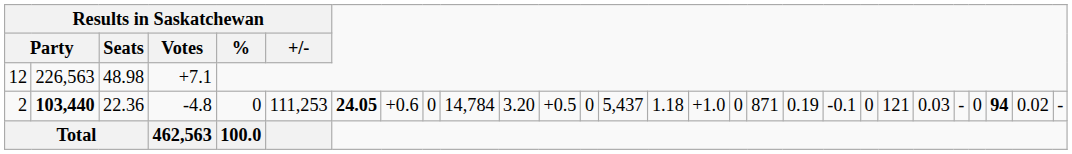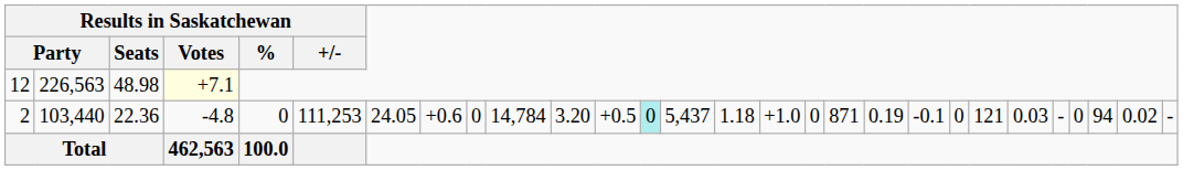 <table class="wikitable">
 <tr>
 <th align="center" colspan=6>Results in Saskatchewan</th>
 </tr>
 <tr>
 <th align="centre" colspan=2>Party</th>
 <th align="right">Seats</th>
 <th align="right">Votes</th>
 <th align="right">%</th>
 <th align="right">+/-</th>
 </tr>
 <tr>
 <td align="right">12</td>
 <td align="right">226,563</td>
 <td align="right">48.98</td>
-<td align="right">+7.1</td>
+<td align="right" style="background: lightyellow;">+7.1</td>
 </tr>
 <tr>
 <td align="right">2</td>
-<td align="right"><strong>103,440</strong></td>
+<td align="right">103,440</td>
 <td align="right">22.36</td>
 <td align="right">-4.8<br></td>
 <td align="right">0</td>
 <td align="right">111,253</td>
-<td align="right"><strong>24.05</strong></td>
+<td align="right">24.05</td>
 <td align="right">+0.6<br></td>
 <td align="right">0</td>
 <td align="right">14,784</td>
 <td align="right">3.20</td>
 <td align="right">+0.5<br></td>
-<td align="right">0</td>
+<td align="right" style="background: paleturquoise;">0</td>
 <td align="right">5,437</td>
 <td align="right">1.18</td>
 <td align="right">+1.0<br></td>
 <td align="right">0</td>
 <td align="right">871</td>
 <td align="right">0.19</td>
 <td align="right">-0.1<br></td>
 <td align="right">0</td>
 <td align="right">121</td>
 <td align="right">0.03</td>
 <td align="right">-<br></td>
 <td align="right">0</td>
-<td align="right"><strong>94</strong></td>
+<td align="right">94</td>
 <td align="right">0.02</td>
 <td align="right">-</td>
 </tr>
 <tr bgcolor="white">
 <th align="left" colspan=3>Total</th>
 <th align="right">462,563</th>
 <th align="right">100.0</th>
 <th align="right"></th>
 </tr>
 </table>
